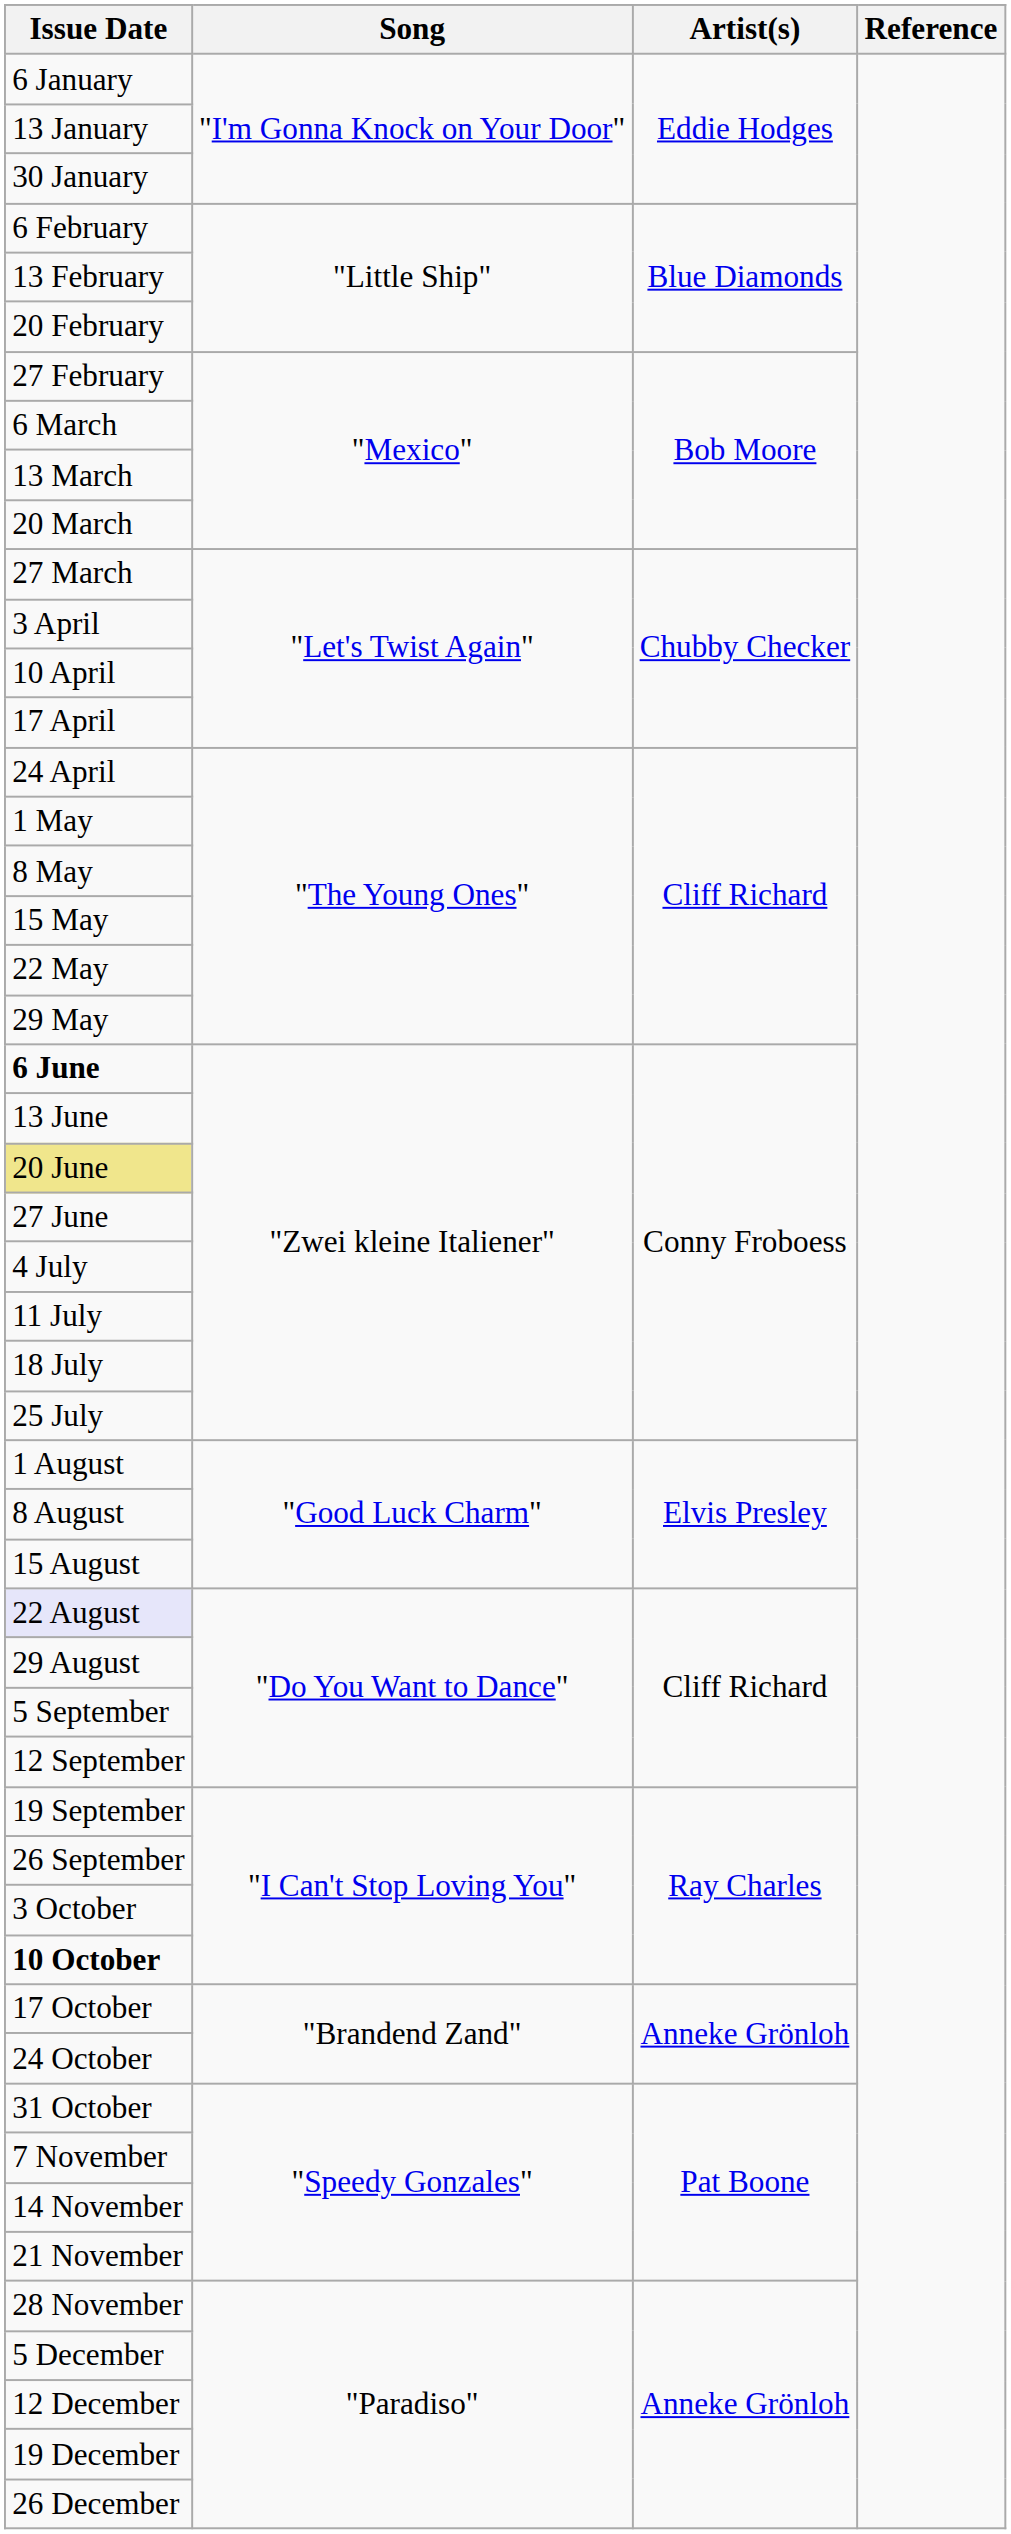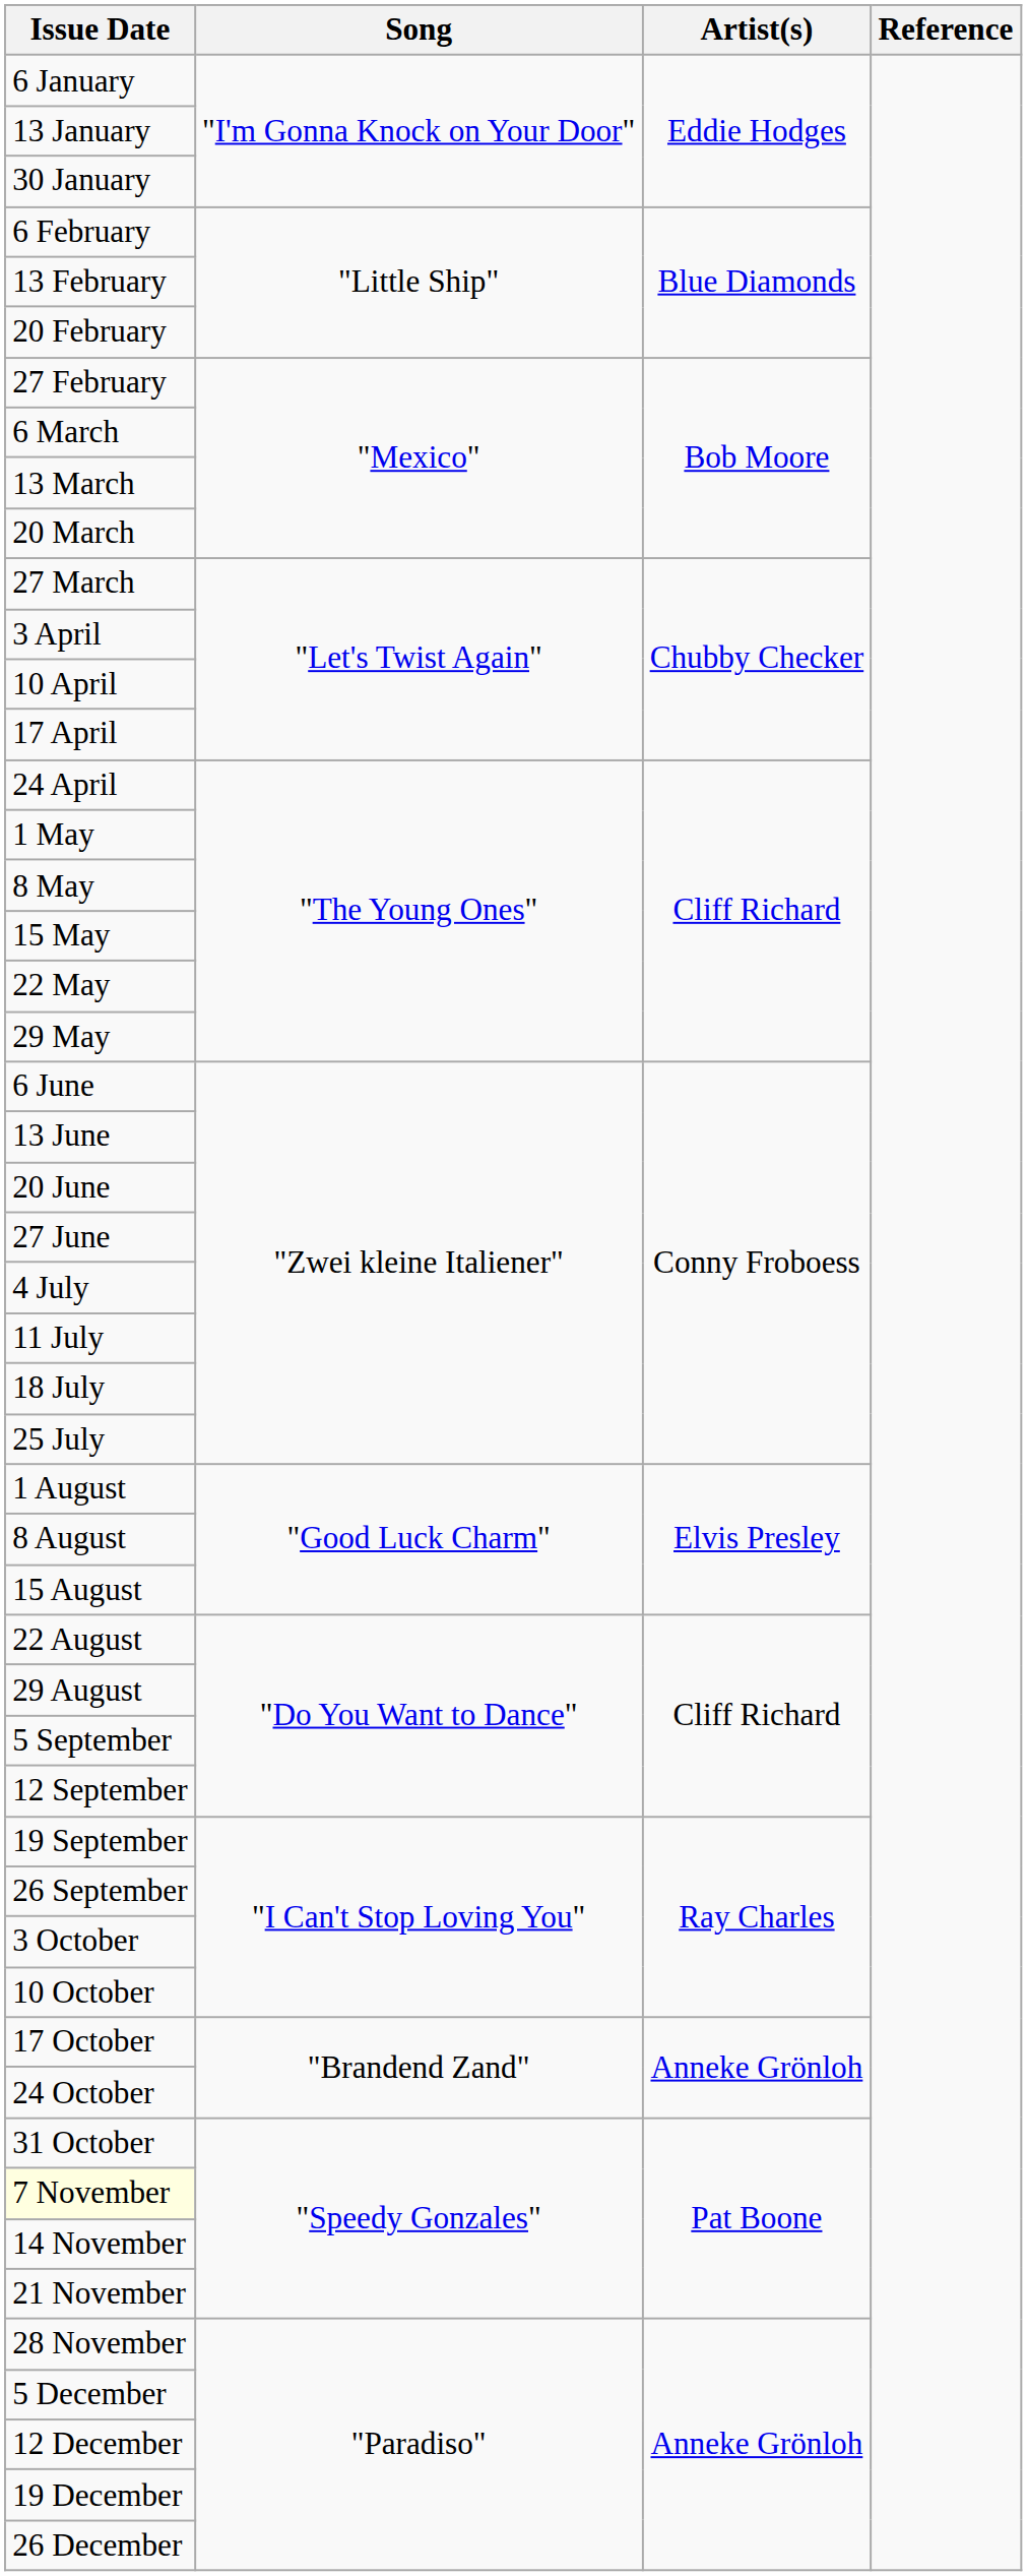 <table class="wikitable">
 <tr>
 <th align="center">Issue Date</th>
 <th align="center">Song</th>
 <th align="center">Artist(s)</th>
 <th align="center">Reference</th>
 </tr>
 <tr>
 <td>6 January</td>
 <td align="center" rowspan="3">"<a href='#'>I'm Gonna Knock on Your Door</a>"</td>
 <td align="center" rowspan="3"><a href='#'>Eddie Hodges</a></td>
 <td align="center" rowspan="52"></td>
 </tr>
 <tr>
 <td>13 January</td>
 </tr>
 <tr>
 <td>30 January</td>
 </tr>
 <tr>
 <td>6 February</td>
 <td align="center" rowspan="3">"Little Ship"</td>
 <td align="center" rowspan="3"><a href='#'>Blue Diamonds</a></td>
 </tr>
 <tr>
 <td>13 February</td>
 </tr>
 <tr>
 <td>20 February</td>
 </tr>
 <tr>
 <td>27 February</td>
 <td align="center" rowspan="4">"<a href='#'>Mexico</a>"</td>
 <td align="center" rowspan="4"><a href='#'>Bob Moore</a></td>
 </tr>
 <tr>
 <td>6 March</td>
 </tr>
 <tr>
 <td>13 March</td>
 </tr>
 <tr>
 <td>20 March</td>
 </tr>
 <tr>
 <td>27 March</td>
 <td align="center" rowspan="4">"<a href='#'>Let's Twist Again</a>"</td>
 <td align="center" rowspan="4"><a href='#'>Chubby Checker</a></td>
 </tr>
 <tr>
 <td>3 April</td>
 </tr>
 <tr>
 <td>10 April</td>
 </tr>
 <tr>
 <td>17 April</td>
 </tr>
 <tr>
 <td>24 April</td>
 <td align="center" rowspan="6">"<a href='#'>The Young Ones</a>"</td>
 <td align="center" rowspan="6"><a href='#'>Cliff Richard</a></td>
 </tr>
 <tr>
 <td>1 May</td>
 </tr>
 <tr>
 <td>8 May</td>
 </tr>
 <tr>
 <td>15 May</td>
 </tr>
 <tr>
 <td>22 May</td>
 </tr>
 <tr>
 <td>29 May</td>
 </tr>
 <tr>
-<td><strong>6 June</strong></td>
+<td>6 June</td>
 <td align="center" rowspan="8">"Zwei kleine Italiener"</td>
 <td align="center" rowspan="8">Conny Froboess</td>
 </tr>
 <tr>
 <td>13 June</td>
 </tr>
 <tr>
-<td style="background: khaki;">20 June</td>
+<td>20 June</td>
 </tr>
 <tr>
 <td>27 June</td>
 </tr>
 <tr>
 <td>4 July</td>
 </tr>
 <tr>
 <td>11 July</td>
 </tr>
 <tr>
 <td>18 July</td>
 </tr>
 <tr>
 <td>25 July</td>
 </tr>
 <tr>
 <td>1 August</td>
 <td align="center" rowspan="3">"<a href='#'>Good Luck Charm</a>"</td>
 <td align="center" rowspan="3"><a href='#'>Elvis Presley</a></td>
 </tr>
 <tr>
 <td>8 August</td>
 </tr>
 <tr>
 <td>15 August</td>
 </tr>
 <tr>
-<td style="background: lavender;">22 August</td>
+<td>22 August</td>
 <td align="center" rowspan="4">"<a href='#'>Do You Want to Dance</a>"</td>
 <td align="center" rowspan="4">Cliff Richard</td>
 </tr>
 <tr>
 <td>29 August</td>
 </tr>
 <tr>
 <td>5 September</td>
 </tr>
 <tr>
 <td>12 September</td>
 </tr>
 <tr>
 <td>19 September</td>
 <td align="center" rowspan="4">"<a href='#'>I Can't Stop Loving You</a>"</td>
 <td align="center" rowspan="4"><a href='#'>Ray Charles</a></td>
 </tr>
 <tr>
 <td>26 September</td>
 </tr>
 <tr>
 <td>3 October</td>
 </tr>
 <tr>
-<td><strong>10 October</strong></td>
+<td>10 October</td>
 </tr>
 <tr>
 <td>17 October</td>
 <td align="center" rowspan="2">"Brandend Zand"</td>
 <td align="center" rowspan="2"><a href='#'>Anneke Grönloh</a></td>
 </tr>
 <tr>
 <td>24 October</td>
 </tr>
 <tr>
 <td>31 October</td>
 <td align="center" rowspan="4">"<a href='#'>Speedy Gonzales</a>"</td>
 <td align="center" rowspan="4"><a href='#'>Pat Boone</a></td>
 </tr>
 <tr>
-<td>7 November</td>
+<td style="background: lightyellow;">7 November</td>
 </tr>
 <tr>
 <td>14 November</td>
 </tr>
 <tr>
 <td>21 November</td>
 </tr>
 <tr>
 <td>28 November</td>
 <td align="center" rowspan="5">"Paradiso"</td>
 <td align="center" rowspan="5"><a href='#'>Anneke Grönloh</a></td>
 </tr>
 <tr>
 <td>5 December</td>
 </tr>
 <tr>
 <td>12 December</td>
 </tr>
 <tr>
 <td>19 December</td>
 </tr>
 <tr>
 <td>26 December</td>
 </tr>
 </table>
